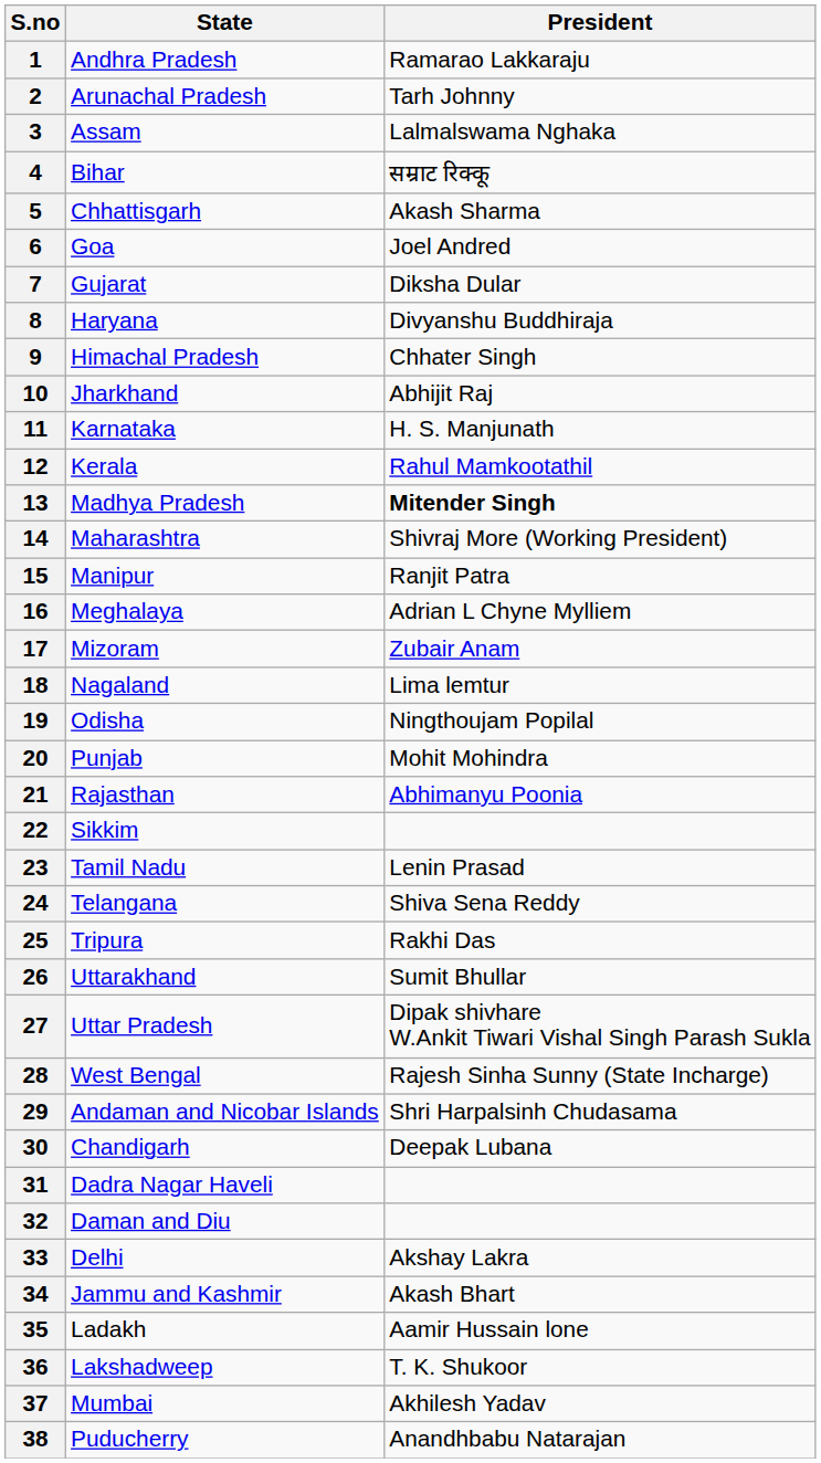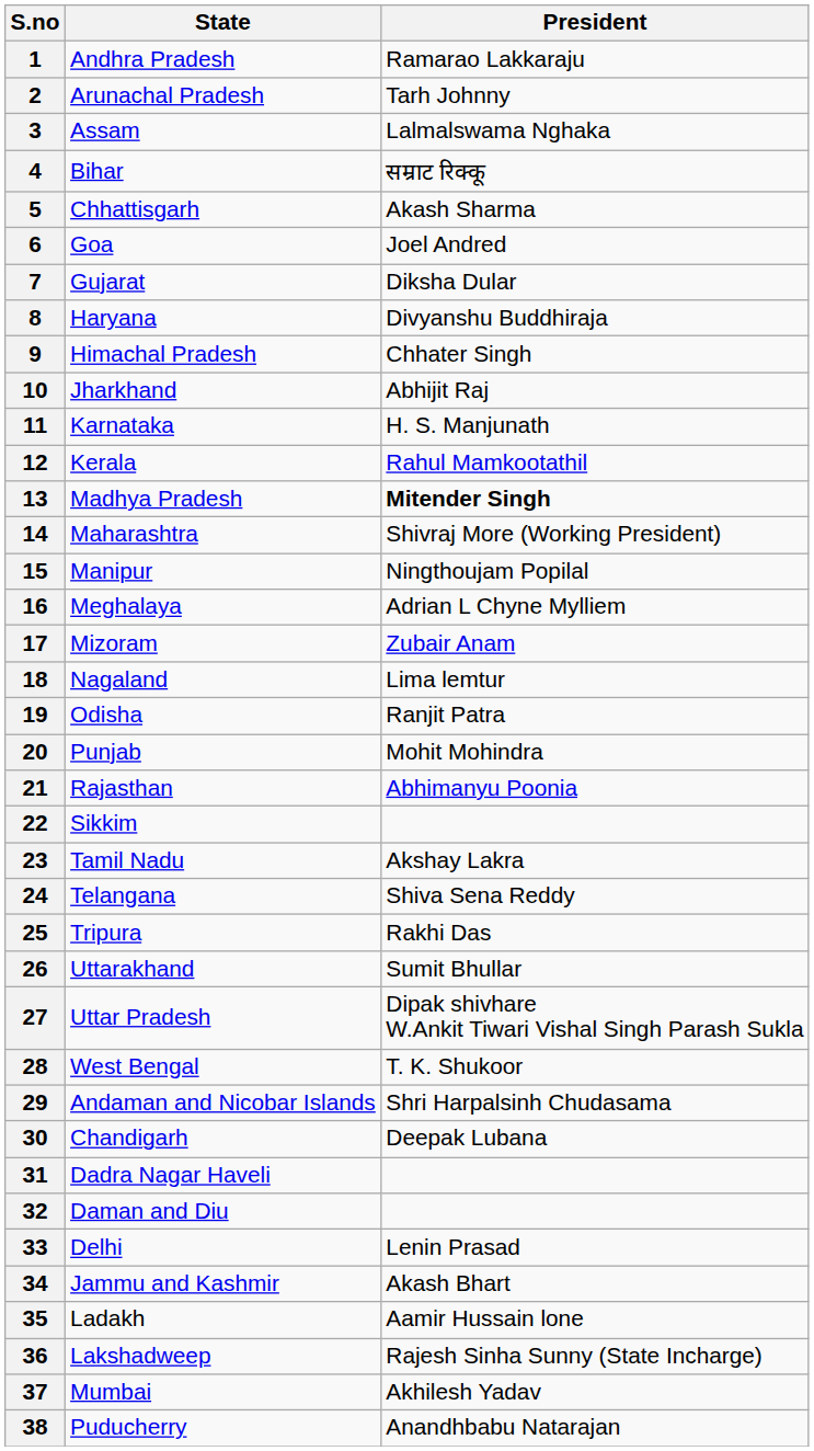 <table class="wikitable">
 <tr>
 <th>S.no</th>
 <th>State</th>
 <th>President</th>
 </tr>
 <tr>
 <th>1</th>
 <td><a href='#'>Andhra Pradesh</a></td>
 <td>Ramarao Lakkaraju</td>
 </tr>
 <tr>
 <th>2</th>
 <td><a href='#'>Arunachal Pradesh</a></td>
 <td>Tarh Johnny</td>
 </tr>
 <tr>
 <th>3</th>
 <td><a href='#'>Assam</a></td>
 <td>Lalmalswama Nghaka</td>
 </tr>
 <tr>
 <th>4</th>
 <td><a href='#'>Bihar</a></td>
 <td>सम्राट रिक्कू</td>
 </tr>
 <tr>
 <th>5</th>
 <td><a href='#'>Chhattisgarh</a></td>
 <td>Akash Sharma</td>
 </tr>
 <tr>
 <th>6</th>
 <td><a href='#'>Goa</a></td>
 <td>Joel Andred</td>
 </tr>
 <tr>
 <th>7</th>
 <td><a href='#'>Gujarat</a></td>
 <td>Diksha Dular</td>
 </tr>
 <tr>
 <th>8</th>
 <td><a href='#'>Haryana</a></td>
 <td>Divyanshu Buddhiraja</td>
 </tr>
 <tr>
 <th>9</th>
 <td><a href='#'>Himachal Pradesh</a></td>
 <td>Chhater Singh</td>
 </tr>
 <tr>
 <th>10</th>
 <td><a href='#'>Jharkhand</a></td>
 <td>Abhijit Raj</td>
 </tr>
 <tr>
 <th>11</th>
 <td><a href='#'>Karnataka</a></td>
 <td>H. S. Manjunath</td>
 </tr>
 <tr>
 <th>12</th>
 <td><a href='#'>Kerala</a></td>
 <td><a href='#'>Rahul Mamkootathil</a></td>
 </tr>
 <tr>
 <th>13</th>
 <td><a href='#'>Madhya Pradesh</a></td>
 <td><strong>Mitender Singh</strong></td>
 </tr>
 <tr>
 <th>14</th>
 <td><a href='#'>Maharashtra</a></td>
 <td>Shivraj More (Working President)</td>
 </tr>
 <tr>
 <th>15</th>
 <td><a href='#'>Manipur</a></td>
-<td>Ranjit Patra</td>
+<td>Ningthoujam Popilal</td>
 </tr>
 <tr>
 <th>16</th>
 <td><a href='#'>Meghalaya</a></td>
 <td>Adrian L Chyne Mylliem</td>
 </tr>
 <tr>
 <th>17</th>
 <td><a href='#'>Mizoram</a></td>
 <td><a href='#'>Zubair Anam</a></td>
 </tr>
 <tr>
 <th>18</th>
 <td><a href='#'>Nagaland</a></td>
 <td>Lima lemtur</td>
 </tr>
 <tr>
 <th>19</th>
 <td><a href='#'>Odisha</a></td>
-<td>Ningthoujam Popilal</td>
+<td>Ranjit Patra</td>
 </tr>
 <tr>
 <th>20</th>
 <td><a href='#'>Punjab</a></td>
 <td>Mohit Mohindra</td>
 </tr>
 <tr>
 <th>21</th>
 <td><a href='#'>Rajasthan</a></td>
 <td><a href='#'>Abhimanyu Poonia</a></td>
 </tr>
 <tr>
 <th>22</th>
 <td><a href='#'>Sikkim</a></td>
 <td></td>
 </tr>
 <tr>
 <th>23</th>
 <td><a href='#'>Tamil Nadu</a></td>
-<td>Lenin Prasad</td>
+<td>Akshay Lakra</td>
 </tr>
 <tr>
 <th>24</th>
 <td><a href='#'>Telangana</a></td>
 <td>Shiva Sena Reddy</td>
 </tr>
 <tr>
 <th>25</th>
 <td><a href='#'>Tripura</a></td>
 <td>Rakhi Das</td>
 </tr>
 <tr>
 <th>26</th>
 <td><a href='#'>Uttarakhand</a></td>
 <td>Sumit Bhullar</td>
 </tr>
 <tr>
 <th>27</th>
 <td><a href='#'>Uttar Pradesh</a></td>
 <td>Dipak shivhare<br>W.Ankit Tiwari  Vishal Singh  Parash Sukla</td>
 </tr>
 <tr>
 <th>28</th>
 <td><a href='#'>West Bengal</a></td>
-<td>Rajesh Sinha Sunny (State Incharge)</td>
+<td>T. K. Shukoor</td>
 </tr>
 <tr>
 <th>29</th>
 <td><a href='#'>Andaman and Nicobar Islands</a></td>
 <td>Shri Harpalsinh Chudasama</td>
 </tr>
 <tr>
 <th>30</th>
 <td><a href='#'>Chandigarh</a></td>
 <td>Deepak Lubana</td>
 </tr>
 <tr>
 <th>31</th>
 <td><a href='#'>Dadra Nagar Haveli</a></td>
 <td></td>
 </tr>
 <tr>
 <th>32</th>
 <td><a href='#'>Daman and Diu</a></td>
 <td></td>
 </tr>
 <tr>
 <th>33</th>
 <td><a href='#'>Delhi</a></td>
-<td>Akshay Lakra</td>
+<td>Lenin Prasad</td>
 </tr>
 <tr>
 <th>34</th>
 <td><a href='#'>Jammu and Kashmir</a></td>
 <td>Akash Bhart</td>
 </tr>
 <tr>
 <th>35</th>
 <td>Ladakh</td>
 <td>Aamir Hussain lone</td>
 </tr>
 <tr>
 <th>36</th>
 <td><a href='#'>Lakshadweep</a></td>
-<td>T. K. Shukoor</td>
+<td>Rajesh Sinha Sunny (State Incharge)</td>
 </tr>
 <tr>
 <th>37</th>
 <td><a href='#'>Mumbai</a></td>
 <td>Akhilesh Yadav</td>
 </tr>
 <tr>
 <th>38</th>
 <td><a href='#'>Puducherry</a></td>
 <td>Anandhbabu Natarajan</td>
 </tr>
 <tr>
 </tr>
 </table>
